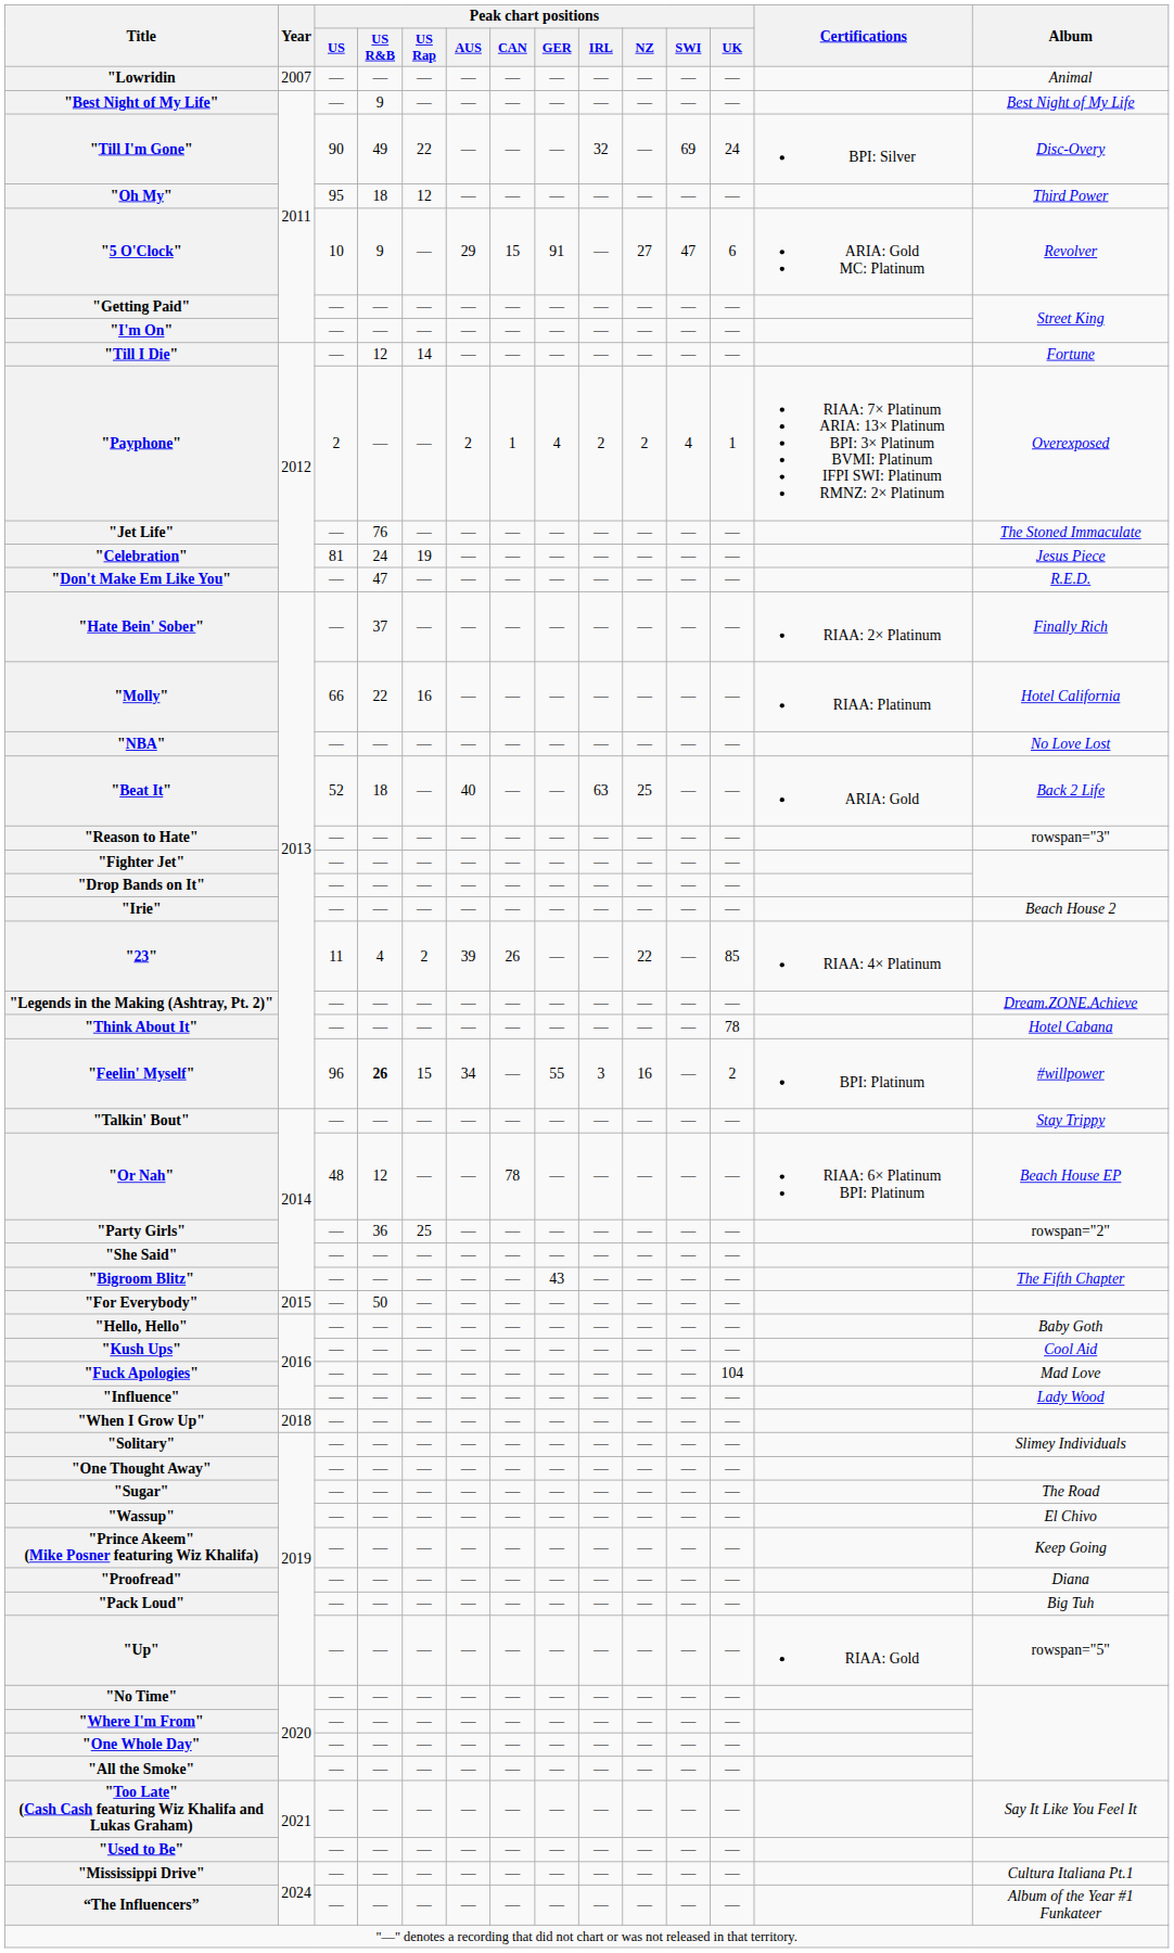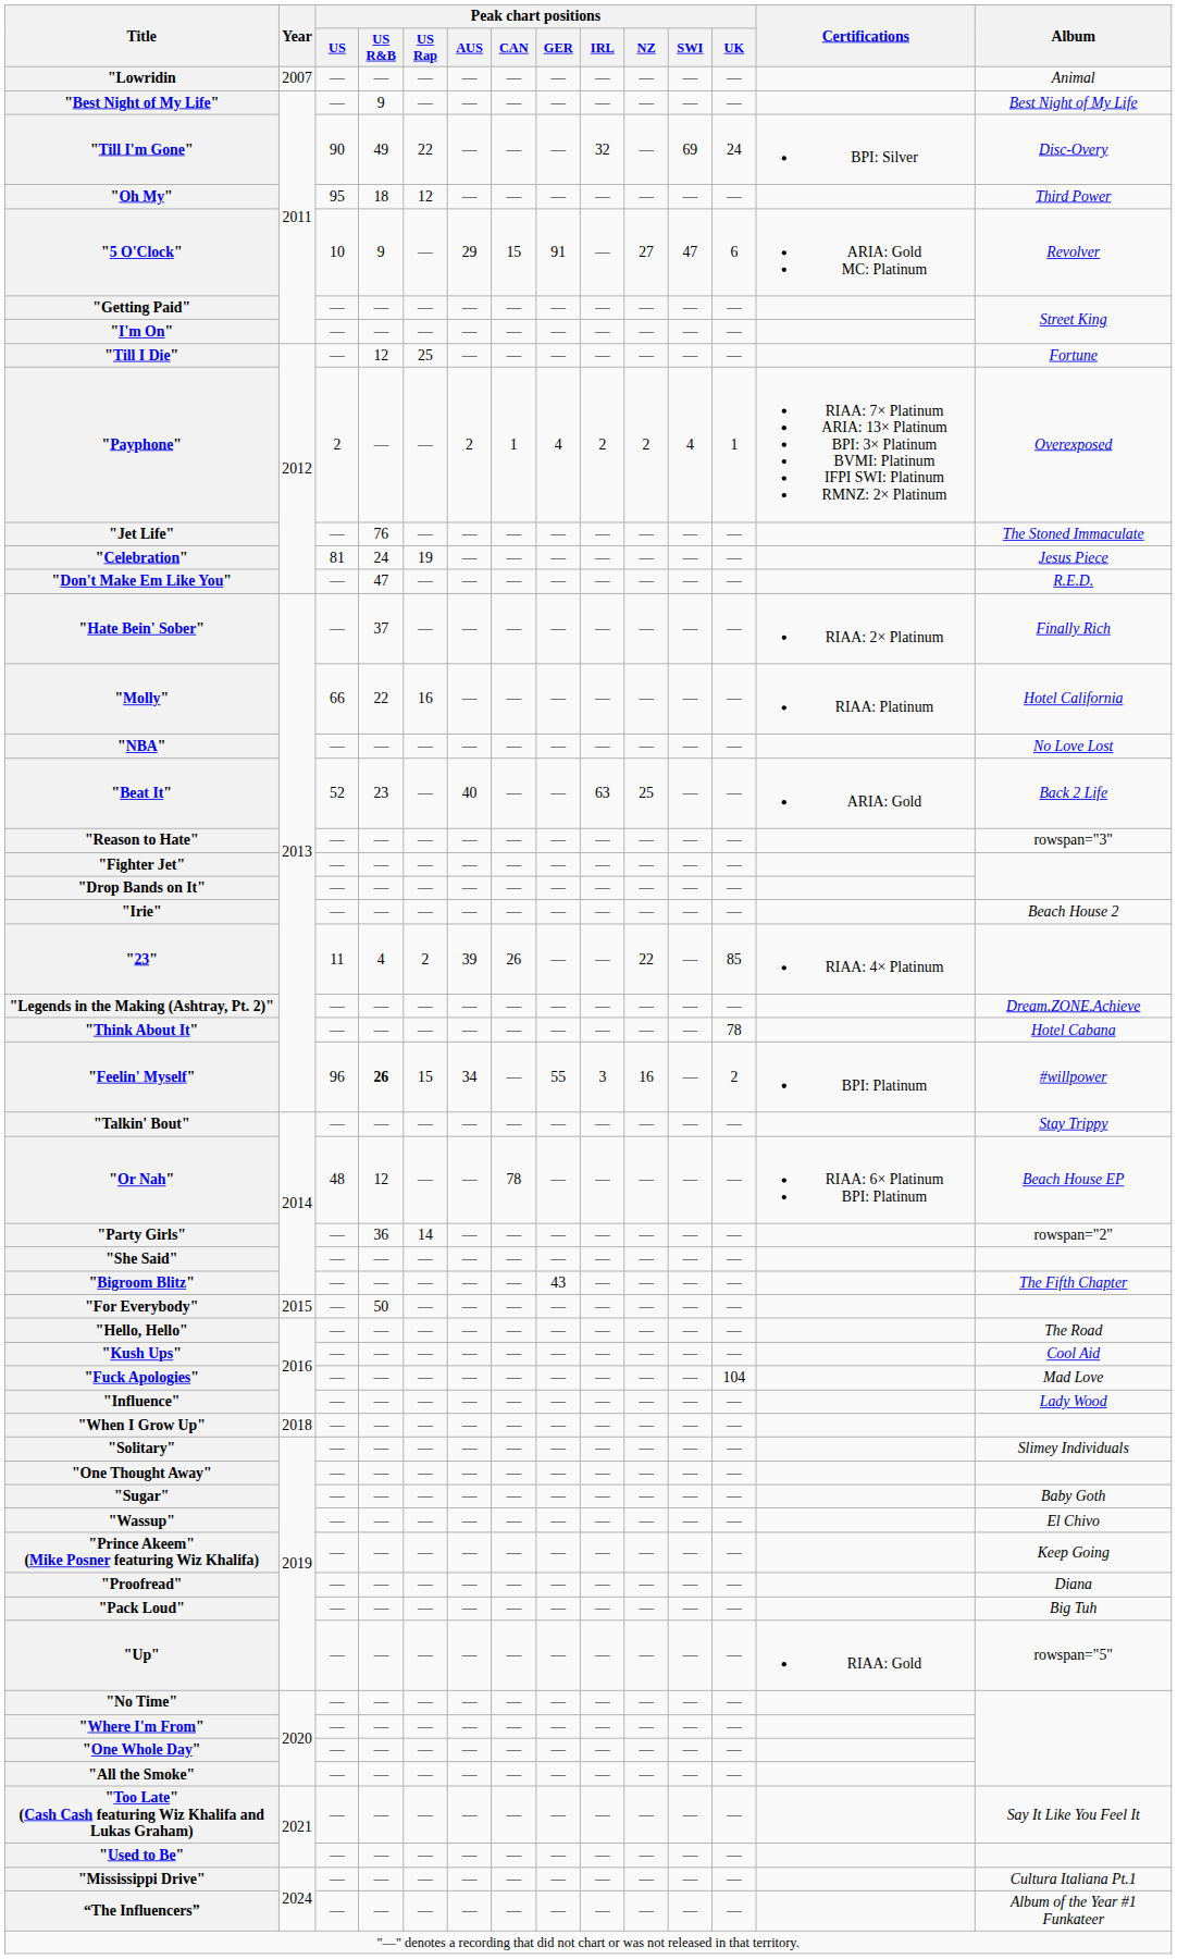 <table class="wikitable plainrowheaders" style="text-align:center;">
 <tr>
 <th scope="col" rowspan="2" style="width:19em;">Title</th>
 <th scope="col" rowspan="2" style="width:1em;">Year</th>
 <th scope="col" colspan="10">Peak chart positions</th>
 <th scope="col" rowspan="2" style="width:15em;"><a href='#'>Certifications</a></th>
 <th scope="col" rowspan="2" style="width:13em;">Album</th>
 </tr>
 <tr>
 <th scope="col" style="width:2.9em;font-size:90%;"><a href='#'>US</a><br></th>
 <th scope="col" style="width:2.9em;font-size:90%;"><a href='#'>US<br>R&B</a><br></th>
 <th scope="col" style="width:2.9em;font-size:90%;"><a href='#'>US<br>Rap</a><br></th>
 <th scope="col" style="width:2.9em;font-size:90%;"><a href='#'>AUS</a><br></th>
 <th scope="col" style="width:2.9em;font-size:90%;"><a href='#'>CAN</a><br></th>
 <th scope="col" style="width:2.9em;font-size:90%;"><a href='#'>GER</a><br></th>
 <th scope="col" style="width:2.9em;font-size:90%;"><a href='#'>IRL</a><br></th>
 <th scope="col" style="width:2.9em;font-size:90%;"><a href='#'>NZ</a><br></th>
 <th scope="col" style="width:2.9em;font-size:90%;"><a href='#'>SWI</a><br></th>
 <th scope="col" style="width:2.9em;font-size:90%;"><a href='#'>UK</a><br></th>
 </tr>
 <tr>
 <th scope="row">"Lowridin<br></th>
 <td>2007</td>
 <td>—</td>
 <td>—</td>
 <td>—</td>
 <td>—</td>
 <td>—</td>
 <td>—</td>
 <td>—</td>
 <td>—</td>
 <td>—</td>
 <td>—</td>
 <td></td>
 <td><em>Animal</em></td>
 </tr>
 <tr>
 <th scope="row">"<a href='#'>Best Night of My Life</a>"<br></th>
 <td rowspan="6">2011</td>
 <td>—</td>
 <td>9</td>
 <td>—</td>
 <td>—</td>
 <td>—</td>
 <td>—</td>
 <td>—</td>
 <td>—</td>
 <td>—</td>
 <td>—</td>
 <td></td>
 <td><em><a href='#'>Best Night of My Life</a></em></td>
 </tr>
 <tr>
 <th scope="row">"<a href='#'>Till I'm Gone</a>"<br></th>
 <td>90</td>
 <td>49</td>
 <td>22</td>
 <td>—</td>
 <td>—</td>
 <td>—</td>
 <td>32</td>
 <td>—</td>
 <td>69</td>
 <td>24</td>
 <td><br><ul><li>BPI: Silver</li></ul></td>
 <td><em><a href='#'>Disc-Overy</a></em></td>
 </tr>
 <tr>
 <th scope="row">"<a href='#'>Oh My</a>"<br></th>
 <td>95</td>
 <td>18</td>
 <td>12</td>
 <td>—</td>
 <td>—</td>
 <td>—</td>
 <td>—</td>
 <td>—</td>
 <td>—</td>
 <td>—</td>
 <td></td>
 <td><em><a href='#'>Third Power</a></em></td>
 </tr>
 <tr>
 <th scope="row">"<a href='#'>5 O'Clock</a>"<br></th>
 <td>10</td>
 <td>9</td>
 <td>—</td>
 <td>29</td>
 <td>15</td>
 <td>91</td>
 <td>—</td>
 <td>27</td>
 <td>47</td>
 <td>6</td>
 <td><br><ul><li>ARIA: Gold</li><li>MC: Platinum</li></ul></td>
 <td><em><a href='#'>Revolver</a></em></td>
 </tr>
 <tr>
 <th scope="row">"Getting Paid"<br></th>
 <td>—</td>
 <td>—</td>
 <td>—</td>
 <td>—</td>
 <td>—</td>
 <td>—</td>
 <td>—</td>
 <td>—</td>
 <td>—</td>
 <td>—</td>
 <td></td>
 <td rowspan="2"><em><a href='#'>Street King</a></em></td>
 </tr>
 <tr>
 <th scope="row">"<a href='#'>I'm On</a>"<br></th>
 <td>—</td>
 <td>—</td>
 <td>—</td>
 <td>—</td>
 <td>—</td>
 <td>—</td>
 <td>—</td>
 <td>—</td>
 <td>—</td>
 <td>—</td>
 <td></td>
 </tr>
 <tr>
 <th scope="row">"<a href='#'>Till I Die</a>"<br></th>
 <td rowspan="5">2012</td>
 <td>—</td>
 <td>12</td>
-<td>14</td>
+<td>25</td>
 <td>—</td>
 <td>—</td>
 <td>—</td>
 <td>—</td>
 <td>—</td>
 <td>—</td>
 <td>—</td>
 <td></td>
 <td><em><a href='#'>Fortune</a></em></td>
 </tr>
 <tr>
 <th scope="row">"<a href='#'>Payphone</a>"<br></th>
 <td>2</td>
 <td>—</td>
 <td>—</td>
 <td>2</td>
 <td>1</td>
 <td>4</td>
 <td>2</td>
 <td>2</td>
 <td>4</td>
 <td>1</td>
 <td><br><ul><li>RIAA: 7× Platinum</li><li>ARIA: 13× Platinum</li><li>BPI: 3× Platinum</li><li>BVMI: Platinum</li><li>IFPI SWI: Platinum</li><li>RMNZ: 2× Platinum</li></ul></td>
 <td><em><a href='#'>Overexposed</a></em></td>
 </tr>
 <tr>
 <th scope="row">"Jet Life"<br></th>
 <td>—</td>
 <td>76</td>
 <td>—</td>
 <td>—</td>
 <td>—</td>
 <td>—</td>
 <td>—</td>
 <td>—</td>
 <td>—</td>
 <td>—</td>
 <td></td>
 <td><em><a href='#'>The Stoned Immaculate</a></em></td>
 </tr>
 <tr>
 <th scope="row">"<a href='#'>Celebration</a>"<br></th>
 <td>81</td>
 <td>24</td>
 <td>19</td>
 <td>—</td>
 <td>—</td>
 <td>—</td>
 <td>—</td>
 <td>—</td>
 <td>—</td>
 <td>—</td>
 <td></td>
 <td><em><a href='#'>Jesus Piece</a></em></td>
 </tr>
 <tr>
 <th scope="row">"<a href='#'>Don't Make Em Like You</a>"<br></th>
 <td>—</td>
 <td>47</td>
 <td>—</td>
 <td>—</td>
 <td>—</td>
 <td>—</td>
 <td>—</td>
 <td>—</td>
 <td>—</td>
 <td>—</td>
 <td></td>
 <td><em><a href='#'>R.E.D.</a></em></td>
 </tr>
 <tr>
 <th scope="row">"<a href='#'>Hate Bein' Sober</a>"<br></th>
 <td rowspan="12">2013</td>
 <td>—</td>
 <td>37</td>
 <td>—</td>
 <td>—</td>
 <td>—</td>
 <td>—</td>
 <td>—</td>
 <td>—</td>
 <td>—</td>
 <td>—</td>
 <td><br><ul><li>RIAA: 2× Platinum</li></ul></td>
 <td><em><a href='#'>Finally Rich</a></em></td>
 </tr>
 <tr>
 <th scope="row">"<a href='#'>Molly</a>"<br></th>
 <td>66</td>
 <td>22</td>
 <td>16</td>
 <td>—</td>
 <td>—</td>
 <td>—</td>
 <td>—</td>
 <td>—</td>
 <td>—</td>
 <td>—</td>
 <td><br><ul><li>RIAA: Platinum</li></ul></td>
 <td><em><a href='#'>Hotel California</a></em></td>
 </tr>
 <tr>
 <th scope="row">"<a href='#'>NBA</a>"<br></th>
 <td>—</td>
 <td>—</td>
 <td>—</td>
 <td>—</td>
 <td>—</td>
 <td>—</td>
 <td>—</td>
 <td>—</td>
 <td>—</td>
 <td>—</td>
 <td></td>
 <td><em><a href='#'>No Love Lost</a></em></td>
 </tr>
 <tr>
 <th scope="row">"<a href='#'>Beat It</a>"<br></th>
 <td>52</td>
-<td>18</td>
+<td>23</td>
 <td>—</td>
 <td>40</td>
 <td>—</td>
 <td>—</td>
 <td>63</td>
 <td>25</td>
 <td>—</td>
 <td>—</td>
 <td><br><ul><li>ARIA: Gold</li></ul></td>
 <td><em><a href='#'>Back 2 Life</a></em></td>
 </tr>
 <tr>
 <th scope="row">"Reason to Hate"<br></th>
 <td>—</td>
 <td>—</td>
 <td>—</td>
 <td>—</td>
 <td>—</td>
 <td>—</td>
 <td>—</td>
 <td>—</td>
 <td>—</td>
 <td>—</td>
 <td></td>
 <td>rowspan="3" </td>
 </tr>
 <tr>
 <th scope="row">"Fighter Jet"<br></th>
 <td>—</td>
 <td>—</td>
 <td>—</td>
 <td>—</td>
 <td>—</td>
 <td>—</td>
 <td>—</td>
 <td>—</td>
 <td>—</td>
 <td>—</td>
 <td></td>
 </tr>
 <tr>
 <th scope="row">"Drop Bands on It"<br></th>
 <td>—</td>
 <td>—</td>
 <td>—</td>
 <td>—</td>
 <td>—</td>
 <td>—</td>
 <td>—</td>
 <td>—</td>
 <td>—</td>
 <td>—</td>
 <td></td>
 </tr>
 <tr>
 <th scope="row">"Irie"<br></th>
 <td>—</td>
 <td>—</td>
 <td>—</td>
 <td>—</td>
 <td>—</td>
 <td>—</td>
 <td>—</td>
 <td>—</td>
 <td>—</td>
 <td>—</td>
 <td></td>
 <td><em>Beach House 2</em></td>
 </tr>
 <tr>
 <th scope="row">"<a href='#'>23</a>"<br></th>
 <td>11</td>
 <td>4</td>
 <td>2</td>
 <td>39</td>
 <td>26</td>
 <td>—</td>
 <td>—</td>
 <td>22</td>
 <td>—</td>
 <td>85</td>
 <td><br><ul><li>RIAA: 4× Platinum</li></ul></td>
 <td></td>
 </tr>
 <tr>
 <th scope="row">"Legends in the Making (Ashtray, Pt. 2)"<br></th>
 <td>—</td>
 <td>—</td>
 <td>—</td>
 <td>—</td>
 <td>—</td>
 <td>—</td>
 <td>—</td>
 <td>—</td>
 <td>—</td>
 <td>—</td>
 <td></td>
 <td><em><a href='#'>Dream.ZONE.Achieve</a></em></td>
 </tr>
 <tr>
 <th scope="row">"<a href='#'>Think About It</a>"<br></th>
 <td>—</td>
 <td>—</td>
 <td>—</td>
 <td>—</td>
 <td>—</td>
 <td>—</td>
 <td>—</td>
 <td>—</td>
 <td>—</td>
 <td>78</td>
 <td></td>
 <td><em><a href='#'>Hotel Cabana</a></em></td>
 </tr>
 <tr>
 <th scope="row">"<a href='#'>Feelin' Myself</a>"<br></th>
 <td>96</td>
 <td><strong>26</strong></td>
 <td>15</td>
 <td>34</td>
 <td>—</td>
 <td>55</td>
 <td>3</td>
 <td>16</td>
 <td>—</td>
 <td>2</td>
 <td><br><ul><li>BPI: Platinum</li></ul></td>
 <td><em><a href='#'>#willpower</a></em></td>
 </tr>
 <tr>
 <th scope="row">"Talkin' Bout"<br></th>
 <td rowspan="5">2014</td>
 <td>—</td>
 <td>—</td>
 <td>—</td>
 <td>—</td>
 <td>—</td>
 <td>—</td>
 <td>—</td>
 <td>—</td>
 <td>—</td>
 <td>—</td>
 <td></td>
 <td><em><a href='#'>Stay Trippy</a></em></td>
 </tr>
 <tr>
 <th scope="row">"<a href='#'>Or Nah</a>"<br></th>
 <td>48</td>
 <td>12</td>
 <td>—</td>
 <td>—</td>
 <td>78</td>
 <td>—</td>
 <td>—</td>
 <td>—</td>
 <td>—</td>
 <td>—</td>
 <td><br><ul><li>RIAA: 6× Platinum</li><li>BPI: Platinum</li></ul></td>
 <td><em><a href='#'>Beach House EP</a></em></td>
 </tr>
 <tr>
 <th scope="row">"Party Girls"<br></th>
 <td>—</td>
 <td>36</td>
-<td>25</td>
+<td>14</td>
 <td>—</td>
 <td>—</td>
 <td>—</td>
 <td>—</td>
 <td>—</td>
 <td>—</td>
 <td>—</td>
 <td></td>
 <td>rowspan="2" </td>
 </tr>
 <tr>
 <th scope="row">"She Said"<br></th>
 <td>—</td>
 <td>—</td>
 <td>—</td>
 <td>—</td>
 <td>—</td>
 <td>—</td>
 <td>—</td>
 <td>—</td>
 <td>—</td>
 <td>—</td>
 <td></td>
 </tr>
 <tr>
 <th scope="row">"<a href='#'>Bigroom Blitz</a>"<br></th>
 <td>—</td>
 <td>—</td>
 <td>—</td>
 <td>—</td>
 <td>—</td>
 <td>43</td>
 <td>—</td>
 <td>—</td>
 <td>—</td>
 <td>—</td>
 <td></td>
 <td><em><a href='#'>The Fifth Chapter</a></em></td>
 </tr>
 <tr>
 <th scope="row">"For Everybody"<br></th>
 <td>2015</td>
 <td>—</td>
 <td>50</td>
 <td>—</td>
 <td>—</td>
 <td>—</td>
 <td>—</td>
 <td>—</td>
 <td>—</td>
 <td>—</td>
 <td>—</td>
 <td></td>
 <td></td>
 </tr>
 <tr>
 <th scope="row">"Hello, Hello"<br></th>
 <td rowspan="4">2016</td>
 <td>—</td>
 <td>—</td>
 <td>—</td>
 <td>—</td>
 <td>—</td>
 <td>—</td>
 <td>—</td>
 <td>—</td>
 <td>—</td>
 <td>—</td>
 <td></td>
-<td><em>Baby Goth</em></td>
+<td><em>The Road</em></td>
 </tr>
 <tr>
 <th scope="row">"<a href='#'>Kush Ups</a>"<br></th>
 <td>—</td>
 <td>—</td>
 <td>—</td>
 <td>—</td>
 <td>—</td>
 <td>—</td>
 <td>—</td>
 <td>—</td>
 <td>—</td>
 <td>—</td>
 <td></td>
 <td><em><a href='#'>Cool Aid</a></em></td>
 </tr>
 <tr>
 <th scope="row">"<a href='#'>Fuck Apologies</a>"<br></th>
 <td>—</td>
 <td>—</td>
 <td>—</td>
 <td>—</td>
 <td>—</td>
 <td>—</td>
 <td>—</td>
 <td>—</td>
 <td>—</td>
 <td>104</td>
 <td></td>
 <td><em>Mad Love</em></td>
 </tr>
 <tr>
 <th scope="row">"Influence"<br></th>
 <td>—</td>
 <td>—</td>
 <td>—</td>
 <td>—</td>
 <td>—</td>
 <td>—</td>
 <td>—</td>
 <td>—</td>
 <td>—</td>
 <td>—</td>
 <td></td>
 <td><em><a href='#'>Lady Wood</a></em></td>
 </tr>
 <tr>
 <th scope="row">"When I Grow Up" <br></th>
 <td>2018</td>
 <td>—</td>
 <td>—</td>
 <td>—</td>
 <td>—</td>
 <td>—</td>
 <td>—</td>
 <td>—</td>
 <td>—</td>
 <td>—</td>
 <td>—</td>
 <td></td>
 <td></td>
 </tr>
 <tr>
 <th scope="row">"Solitary"<br></th>
 <td rowspan="8">2019</td>
 <td>—</td>
 <td>—</td>
 <td>—</td>
 <td>—</td>
 <td>—</td>
 <td>—</td>
 <td>—</td>
 <td>—</td>
 <td>—</td>
 <td>—</td>
 <td></td>
 <td><em>Slimey Individuals</em></td>
 </tr>
 <tr>
 <th scope="row">"One Thought Away"<br></th>
 <td>—</td>
 <td>—</td>
 <td>—</td>
 <td>—</td>
 <td>—</td>
 <td>—</td>
 <td>—</td>
 <td>—</td>
 <td>—</td>
 <td>—</td>
 <td></td>
 <td></td>
 </tr>
 <tr>
 <th scope="row">"Sugar"<br></th>
 <td>—</td>
 <td>—</td>
 <td>—</td>
 <td>—</td>
 <td>—</td>
 <td>—</td>
 <td>—</td>
 <td>—</td>
 <td>—</td>
 <td>—</td>
 <td></td>
-<td><em>The Road</em></td>
+<td><em>Baby Goth</em></td>
 </tr>
 <tr>
 <th scope="row">"Wassup"<br></th>
 <td>—</td>
 <td>—</td>
 <td>—</td>
 <td>—</td>
 <td>—</td>
 <td>—</td>
 <td>—</td>
 <td>—</td>
 <td>—</td>
 <td>—</td>
 <td></td>
 <td><em>El Chivo</em></td>
 </tr>
 <tr>
 <th scope="row">"Prince Akeem" <br><span>(<a href='#'>Mike Posner</a> featuring Wiz Khalifa)</span></th>
 <td>—</td>
 <td>—</td>
 <td>—</td>
 <td>—</td>
 <td>—</td>
 <td>—</td>
 <td>—</td>
 <td>—</td>
 <td>—</td>
 <td>—</td>
 <td></td>
 <td><em>Keep Going</em></td>
 </tr>
 <tr>
 <th scope="row">"Proofread"<br></th>
 <td>—</td>
 <td>—</td>
 <td>—</td>
 <td>—</td>
 <td>—</td>
 <td>—</td>
 <td>—</td>
 <td>—</td>
 <td>—</td>
 <td>—</td>
 <td></td>
 <td><em>Diana</em></td>
 </tr>
 <tr>
 <th scope="row">"Pack Loud"<br></th>
 <td>—</td>
 <td>—</td>
 <td>—</td>
 <td>—</td>
 <td>—</td>
 <td>—</td>
 <td>—</td>
 <td>—</td>
 <td>—</td>
 <td>—</td>
 <td></td>
 <td><em>Big Tuh</em></td>
 </tr>
 <tr>
 <th scope="row">"Up"<br></th>
 <td>—</td>
 <td>—</td>
 <td>—</td>
 <td>—</td>
 <td>—</td>
 <td>—</td>
 <td>—</td>
 <td>—</td>
 <td>—</td>
 <td>—</td>
 <td><br><ul><li>RIAA: Gold</li></ul></td>
 <td>rowspan="5" </td>
 </tr>
 <tr>
 <th scope="row">"No Time"<br></th>
 <td rowspan="4">2020</td>
 <td>—</td>
 <td>—</td>
 <td>—</td>
 <td>—</td>
 <td>—</td>
 <td>—</td>
 <td>—</td>
 <td>—</td>
 <td>—</td>
 <td>—</td>
 <td></td>
 </tr>
 <tr>
 <th scope="row">"<a href='#'>Where I'm From</a>"<br></th>
 <td>—</td>
 <td>—</td>
 <td>—</td>
 <td>—</td>
 <td>—</td>
 <td>—</td>
 <td>—</td>
 <td>—</td>
 <td>—</td>
 <td>—</td>
 <td></td>
 </tr>
 <tr>
 <th scope="row">"<a href='#'>One Whole Day</a>"<br></th>
 <td>—</td>
 <td>—</td>
 <td>—</td>
 <td>—</td>
 <td>—</td>
 <td>—</td>
 <td>—</td>
 <td>—</td>
 <td>—</td>
 <td>—</td>
 <td></td>
 </tr>
 <tr>
 <th scope="row">"All the Smoke"<br></th>
 <td>—</td>
 <td>—</td>
 <td>—</td>
 <td>—</td>
 <td>—</td>
 <td>—</td>
 <td>—</td>
 <td>—</td>
 <td>—</td>
 <td>—</td>
 <td></td>
 </tr>
 <tr>
 <th scope="row">"<a href='#'>Too Late</a>" <br><span>(<a href='#'>Cash Cash</a> featuring Wiz Khalifa and Lukas Graham)</span></th>
 <td rowspan="2">2021</td>
 <td>—</td>
 <td>—</td>
 <td>—</td>
 <td>—</td>
 <td>—</td>
 <td>—</td>
 <td>—</td>
 <td>—</td>
 <td>—</td>
 <td>—</td>
 <td></td>
 <td><em>Say It Like You Feel It</em></td>
 </tr>
 <tr>
 <th scope="row">"<a href='#'>Used to Be</a>"<br></th>
 <td>—</td>
 <td>—</td>
 <td>—</td>
 <td>—</td>
 <td>—</td>
 <td>—</td>
 <td>—</td>
 <td>—</td>
 <td>—</td>
 <td>—</td>
 <td></td>
 <td></td>
 </tr>
 <tr>
 <th scope="row">"Mississippi Drive"<br></th>
 <td rowspan="2">2024</td>
 <td>—</td>
 <td>—</td>
 <td>—</td>
 <td>—</td>
 <td>—</td>
 <td>—</td>
 <td>—</td>
 <td>—</td>
 <td>—</td>
 <td>—</td>
 <td></td>
 <td><em>Cultura Italiana Pt.1</em></td>
 </tr>
 <tr>
 <th scope="row">“The Influencers” <br></th>
 <td>—</td>
 <td>—</td>
 <td>—</td>
 <td>—</td>
 <td>—</td>
 <td>—</td>
 <td>—</td>
 <td>—</td>
 <td>—</td>
 <td>—</td>
 <td></td>
 <td><em>Album of the Year #1 Funkateer</em></td>
 </tr>
 <tr>
 <td colspan="15" style="font-size:90%">"—" denotes a recording that did not chart or was not released in that territory.</td>
 </tr>
 </table>
